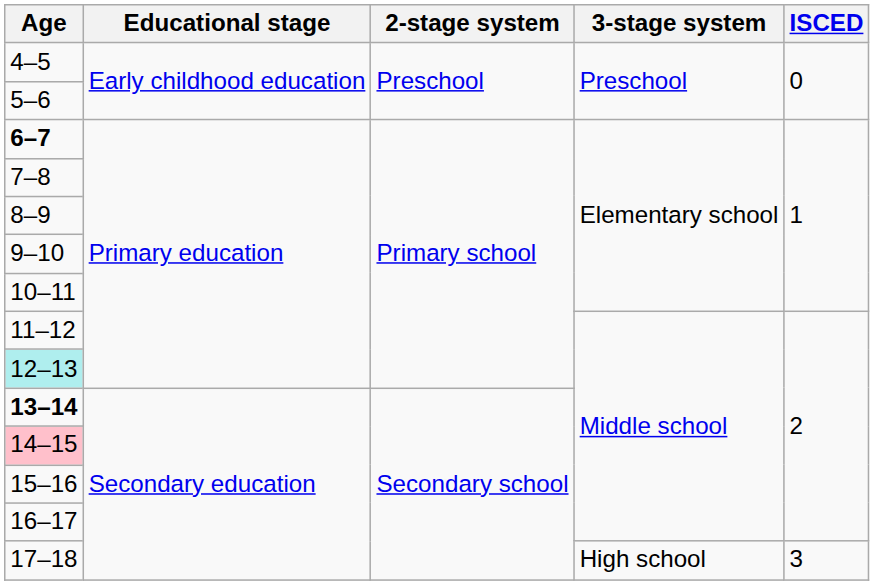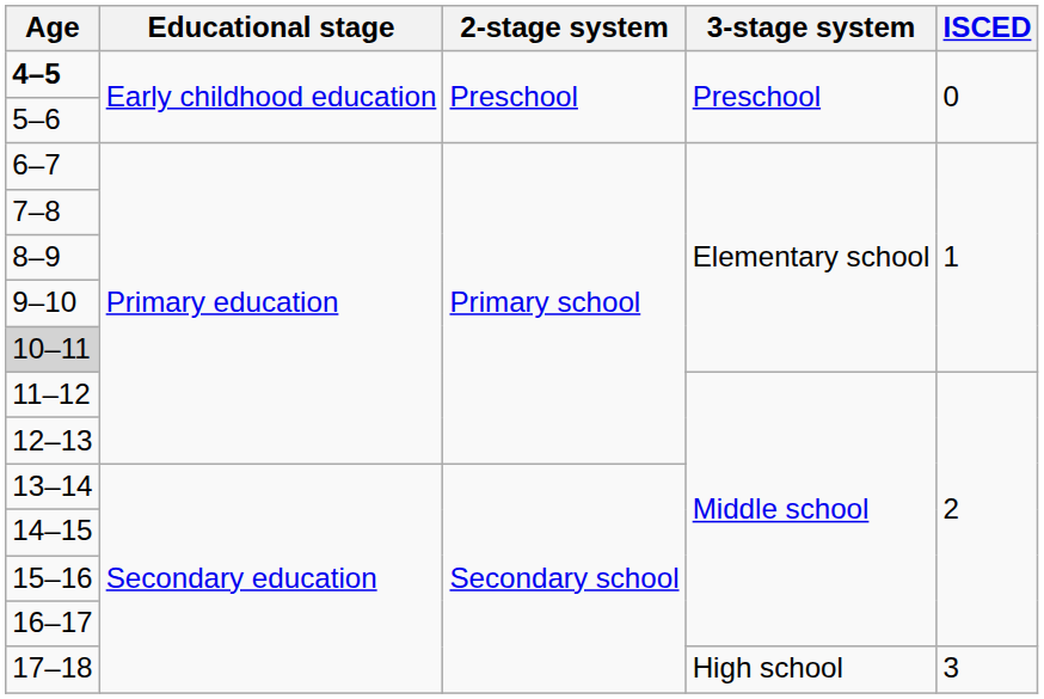 <table class="wikitable">
 <tr>
 <th>Age</th>
 <th>Educational stage</th>
 <th>2-stage system</th>
 <th>3-stage system</th>
 <th><a href='#'>ISCED</a></th>
 </tr>
 <tr>
-<td>4–5</td>
+<td><strong>4–5</strong></td>
 <td rowspan="2"><a href='#'>Early childhood education</a></td>
 <td rowspan="2"><a href='#'>Preschool</a></td>
 <td rowspan="2"><a href='#'>Preschool</a></td>
 <td rowspan="2">0</td>
 </tr>
 <tr>
 <td>5–6</td>
 </tr>
 <tr>
-<td><strong>6–7</strong></td>
+<td>6–7</td>
 <td rowspan="7"><a href='#'>Primary education</a></td>
 <td rowspan="7"><a href='#'>Primary school</a></td>
 <td rowspan="5">Elementary school</td>
 <td rowspan="5">1</td>
 </tr>
 <tr>
 <td>7–8</td>
 </tr>
 <tr>
 <td>8–9</td>
 </tr>
 <tr>
 <td>9–10</td>
 </tr>
 <tr>
-<td>10–11</td>
+<td style="background: lightgrey;">10–11</td>
 </tr>
 <tr>
 <td>11–12</td>
 <td rowspan="6"><a href='#'>Middle school</a></td>
 <td rowspan="6">2</td>
 </tr>
 <tr>
-<td style="background: paleturquoise;">12–13</td>
+<td>12–13</td>
 </tr>
 <tr>
-<td><strong>13–14</strong></td>
+<td>13–14</td>
 <td rowspan="6"><a href='#'>Secondary education</a></td>
 <td rowspan="6"><a href='#'>Secondary school</a></td>
 </tr>
 <tr>
-<td style="background: pink;">14–15</td>
+<td>14–15</td>
 </tr>
 <tr>
 <td>15–16</td>
 </tr>
 <tr>
 <td>16–17</td>
 </tr>
 <tr>
 <td>17–18</td>
 <td rowspan="2">High school</td>
 <td rowspan="2">3</td>
 </tr>
 </table>
